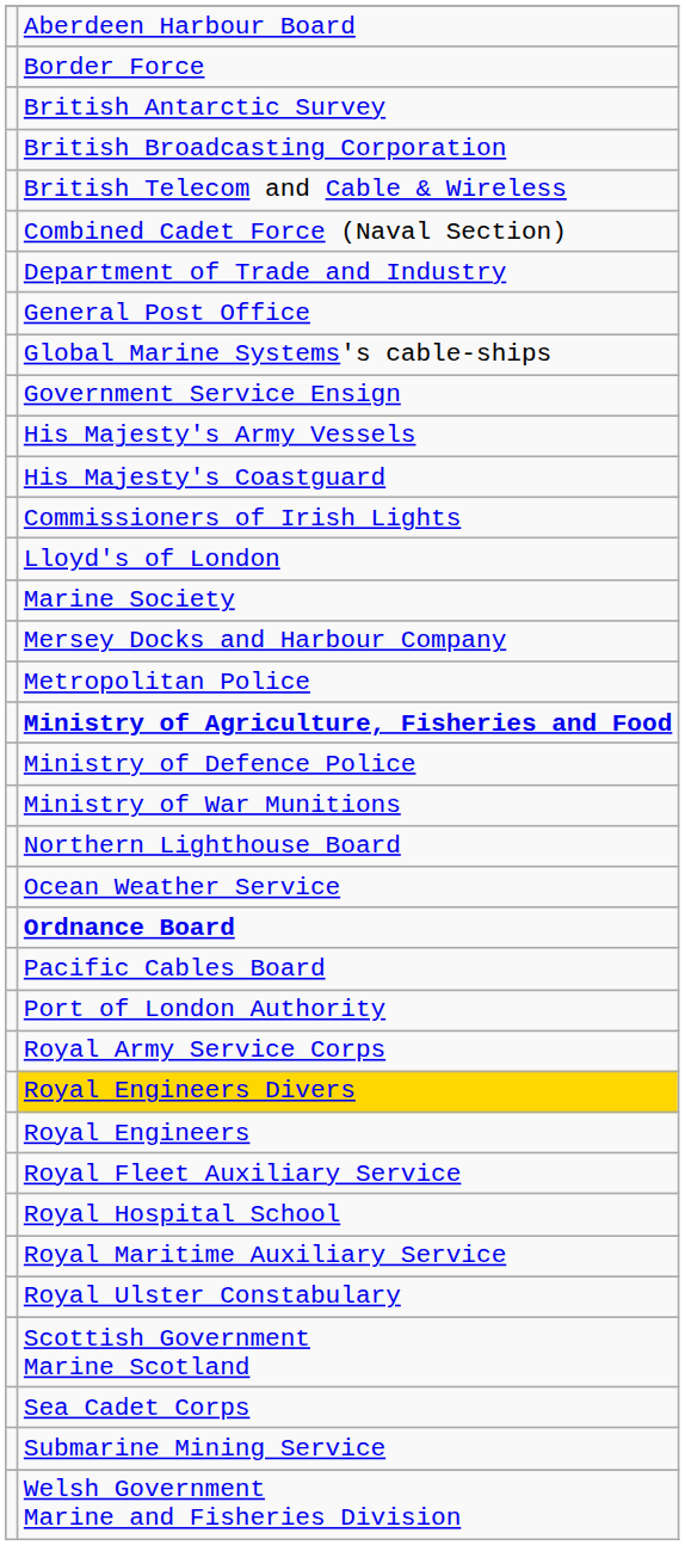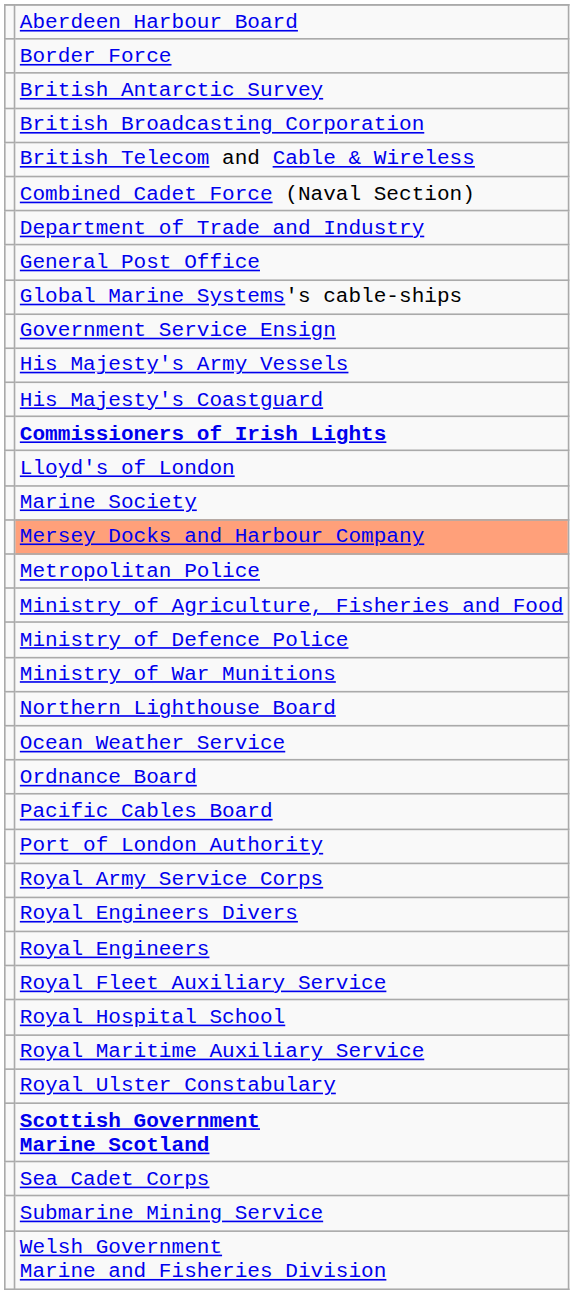 <table class="wikitable">
 <tr style="background:#efefef;">
 </tr>
 <tr>
 <td></td>
 <td><a href='#'>Aberdeen Harbour Board</a></td>
 </tr>
 <tr>
 <td></td>
 <td><a href='#'>Border Force</a></td>
 </tr>
 <tr>
 <td></td>
 <td><a href='#'>British Antarctic Survey</a></td>
 </tr>
 <tr>
 <td></td>
 <td><a href='#'>British Broadcasting Corporation</a></td>
 </tr>
 <tr>
 <td></td>
 <td><a href='#'>British Telecom</a> and <a href='#'>Cable & Wireless</a></td>
 </tr>
 <tr>
 <td></td>
 <td><a href='#'>Combined Cadet Force</a> (Naval Section)</td>
 </tr>
 <tr>
 <td></td>
 <td><a href='#'>Department of Trade and Industry</a></td>
 </tr>
 <tr>
 <td></td>
 <td><a href='#'>General Post Office</a></td>
 </tr>
 <tr>
 <td></td>
 <td><a href='#'>Global Marine Systems</a>'s cable-ships</td>
 </tr>
 <tr>
 <td></td>
 <td><a href='#'>Government Service Ensign</a></td>
 </tr>
 <tr>
 <td></td>
 <td><a href='#'>His Majesty's Army Vessels</a></td>
 </tr>
 <tr>
 <td></td>
 <td><a href='#'>His Majesty's Coastguard</a></td>
 </tr>
 <tr>
 <td></td>
-<td><a href='#'>Commissioners of Irish Lights</a></td>
+<td><strong><a href='#'>Commissioners of Irish Lights</a></strong></td>
 </tr>
 <tr>
 <td></td>
 <td><a href='#'>Lloyd's of London</a></td>
 </tr>
 <tr>
 <td></td>
 <td><a href='#'>Marine Society</a></td>
 </tr>
 <tr>
 <td></td>
-<td><a href='#'>Mersey Docks and Harbour Company</a></td>
+<td style="background: lightsalmon;"><a href='#'>Mersey Docks and Harbour Company</a></td>
 </tr>
 <tr>
 <td></td>
 <td><a href='#'>Metropolitan Police</a></td>
 </tr>
 <tr>
 <td></td>
-<td><strong><a href='#'>Ministry of Agriculture, Fisheries and Food</a></strong></td>
+<td><a href='#'>Ministry of Agriculture, Fisheries and Food</a></td>
 </tr>
 <tr>
 <td></td>
 <td><a href='#'>Ministry of Defence Police</a></td>
 </tr>
 <tr>
 <td></td>
 <td><a href='#'>Ministry of War Munitions</a></td>
 </tr>
 <tr>
 <td></td>
 <td><a href='#'>Northern Lighthouse Board</a></td>
 </tr>
 <tr>
 <td></td>
 <td><a href='#'>Ocean Weather Service</a></td>
 </tr>
 <tr>
 <td></td>
-<td><strong><a href='#'>Ordnance Board</a></strong></td>
+<td><a href='#'>Ordnance Board</a></td>
 </tr>
 <tr>
 <td></td>
 <td><a href='#'>Pacific Cables Board</a></td>
 </tr>
 <tr>
 <td></td>
 <td><a href='#'>Port of London Authority</a></td>
 </tr>
 <tr>
 <td></td>
 <td><a href='#'>Royal Army Service Corps</a></td>
 </tr>
 <tr>
 <td></td>
-<td style="background: gold;"><a href='#'>Royal Engineers Divers</a></td>
+<td><a href='#'>Royal Engineers Divers</a></td>
 </tr>
 <tr>
 <td></td>
 <td><a href='#'>Royal Engineers</a></td>
 </tr>
 <tr>
 <td></td>
 <td><a href='#'>Royal Fleet Auxiliary Service</a></td>
 </tr>
 <tr>
 <td></td>
 <td><a href='#'>Royal Hospital School</a></td>
 </tr>
 <tr>
 <td></td>
 <td><a href='#'>Royal Maritime Auxiliary Service</a></td>
 </tr>
 <tr>
 <td></td>
 <td><a href='#'>Royal Ulster Constabulary</a></td>
 </tr>
 <tr>
 <td></td>
-<td><a href='#'>Scottish Government</a> <br><a href='#'>Marine Scotland</a></td>
+<td><strong><a href='#'>Scottish Government</a> <br><a href='#'>Marine Scotland</a></strong></td>
 </tr>
 <tr>
 <td></td>
 <td><a href='#'>Sea Cadet Corps</a></td>
 </tr>
 <tr>
 <td></td>
 <td><a href='#'>Submarine Mining Service</a></td>
 </tr>
 <tr>
 <td></td>
 <td><a href='#'>Welsh Government</a> <br><a href='#'>Marine and Fisheries Division</a></td>
 </tr>
 <tr>
 </tr>
 </table>
